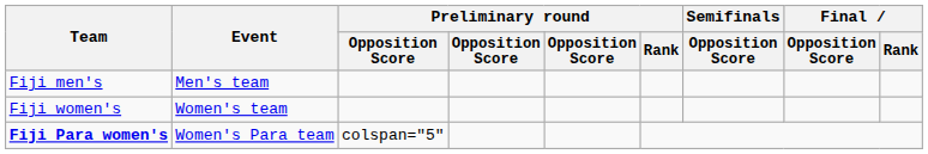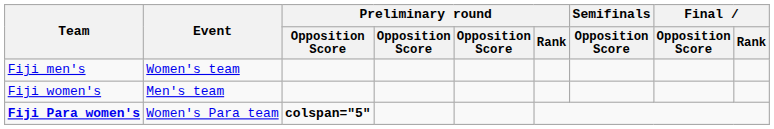 <table class=wikitable style=font-size:90%;text-align:center>
 <tr>
 <th rowspan=2>Team</th>
 <th rowspan=2>Event</th>
 <th colspan=4>Preliminary round</th>
 <th>Semifinals</th>
 <th colspan=2>Final / </th>
 </tr>
 <tr style=font-size:95%>
 <th>Opposition<br>Score</th>
 <th>Opposition<br>Score</th>
 <th>Opposition<br>Score</th>
 <th>Rank</th>
 <th>Opposition<br>Score</th>
 <th>Opposition<br>Score</th>
 <th>Rank</th>
 </tr>
 <tr>
 <td align=left><a href='#'>Fiji men's </a></td>
-<td align=left><a href='#'>Men's team</a></td>
+<td align=left><a href='#'>Women's team</a></td>
 <td><br></td>
 <td></td>
 <td></td>
 <td></td>
 <td></td>
 <td></td>
 <td></td>
 </tr>
 <tr>
 <td align=left><a href='#'>Fiji women's</a></td>
-<td align=left><a href='#'>Women's team</a></td>
+<td align=left><a href='#'>Men's team</a></td>
 <td><br></td>
 <td><br></td>
 <td></td>
 <td></td>
 <td></td>
 <td></td>
 <td></td>
 </tr>
 <tr>
 <td align=left><strong><a href='#'>Fiji Para women's</a></strong></td>
 <td align=left><a href='#'>Women's Para team</a></td>
-<td>colspan="5" </td>
+<td><strong>colspan="5" </strong></td>
 <td><br></td>
 <td></td>
 </tr>
 </table>
